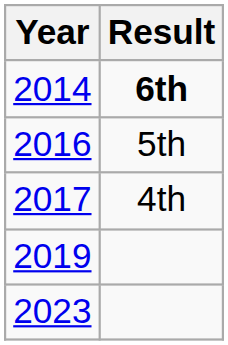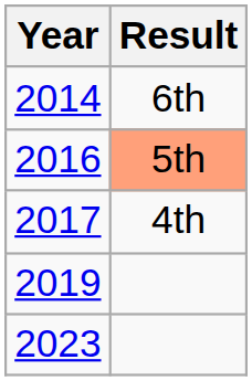 <table class="wikitable" style="text-align:center">
 <tr>
 <th>Year</th>
 <th>Result</th>
 </tr>
 <tr>
 <td><a href='#'>2014</a></td>
-<td><strong>6th</strong></td>
+<td>6th</td>
 </tr>
 <tr>
 <td><a href='#'>2016</a></td>
-<td>5th</td>
+<td style="background: lightsalmon;">5th</td>
 </tr>
 <tr>
 <td><a href='#'>2017</a></td>
 <td>4th</td>
 </tr>
 <tr>
 <td><a href='#'>2019</a></td>
 <td></td>
 </tr>
 <tr>
 <td><a href='#'>2023</a></td>
 <td></td>
 </tr>
 </table>
